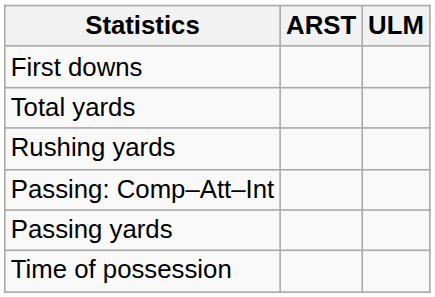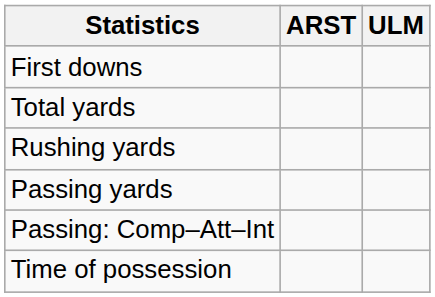 <table class="wikitable" style="float: left;">
 <tr>
 <th>Statistics</th>
 <th>ARST</th>
 <th>ULM</th>
 </tr>
 <tr>
 <td>First downs</td>
 <td></td>
 <td></td>
 </tr>
 <tr>
 <td>Total yards</td>
 <td></td>
 <td></td>
 </tr>
 <tr>
 <td>Rushing yards</td>
 <td></td>
 <td></td>
 </tr>
 <tr>
-<td>Passing: Comp–Att–Int</td>
+<td>Passing yards</td>
 <td></td>
 <td></td>
 </tr>
 <tr>
-<td>Passing yards</td>
+<td>Passing: Comp–Att–Int</td>
 <td></td>
 <td></td>
 </tr>
 <tr>
 <td>Time of possession</td>
 <td></td>
 <td></td>
 </tr>
 </table>
